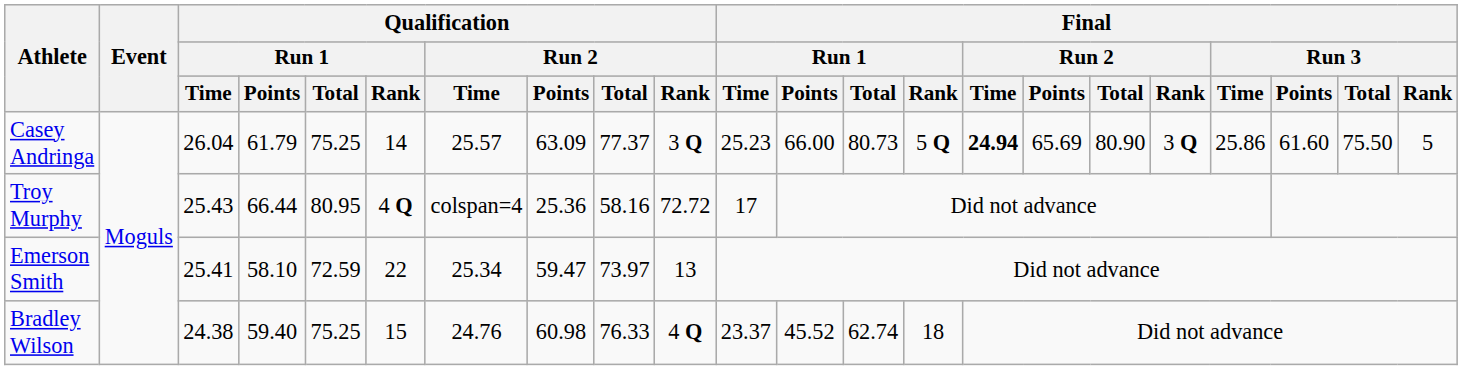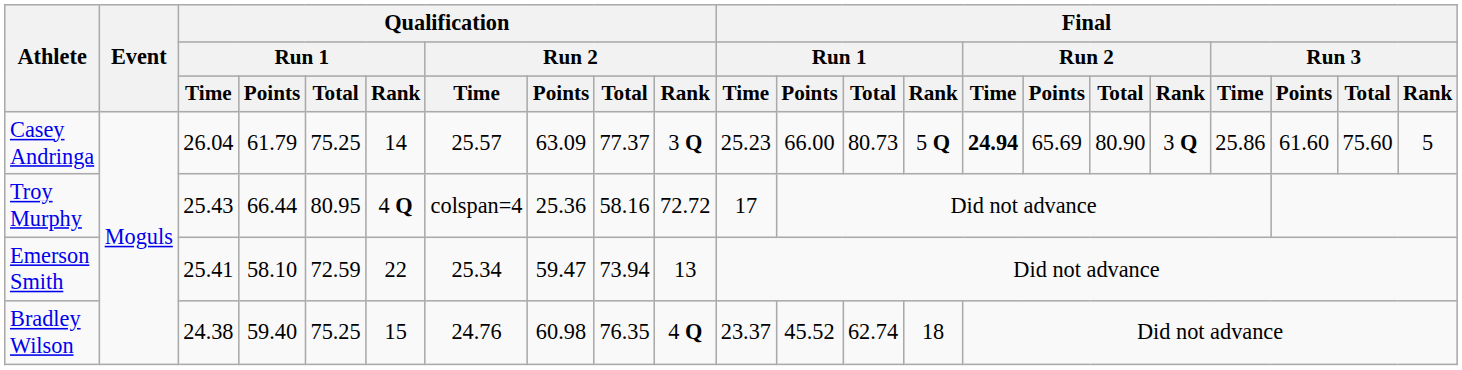 <table class=wikitable style=font-size:90%;text-align:center>
 <tr>
 <th rowspan=3>Athlete</th>
 <th rowspan=3>Event</th>
 <th colspan=8>Qualification</th>
 <th colspan=12>Final</th>
 </tr>
 <tr style=font-size:95%>
 <th colspan=4>Run 1</th>
 <th colspan=4>Run 2</th>
 <th colspan=4>Run 1</th>
 <th colspan=4>Run 2</th>
 <th colspan=4>Run 3</th>
 </tr>
 <tr style=font-size:95%>
 <th>Time</th>
 <th>Points</th>
 <th>Total</th>
 <th>Rank</th>
 <th>Time</th>
 <th>Points</th>
 <th>Total</th>
 <th>Rank</th>
 <th>Time</th>
 <th>Points</th>
 <th>Total</th>
 <th>Rank</th>
 <th>Time</th>
 <th>Points</th>
 <th>Total</th>
 <th>Rank</th>
 <th>Time</th>
 <th>Points</th>
 <th>Total</th>
 <th>Rank</th>
 </tr>
 <tr>
 <td align=left><a href='#'>Casey Andringa</a></td>
 <td style="text-align:left;" rowspan="4"><a href='#'>Moguls</a></td>
 <td>26.04</td>
 <td>61.79</td>
 <td>75.25</td>
 <td>14</td>
 <td>25.57</td>
 <td>63.09</td>
 <td>77.37</td>
 <td>3 <strong>Q</strong></td>
 <td>25.23</td>
 <td>66.00</td>
 <td>80.73</td>
 <td>5 <strong>Q</strong></td>
 <td><strong>24.94</strong></td>
 <td>65.69</td>
 <td>80.90</td>
 <td>3 <strong>Q</strong></td>
 <td>25.86</td>
 <td>61.60</td>
-<td>75.50</td>
+<td>75.60</td>
 <td>5</td>
 </tr>
 <tr>
 <td align=left><a href='#'>Troy Murphy</a></td>
 <td>25.43</td>
 <td>66.44</td>
 <td>80.95</td>
 <td>4 <strong>Q</strong></td>
 <td>colspan=4 </td>
 <td>25.36</td>
 <td>58.16</td>
 <td>72.72</td>
 <td>17</td>
 <td colspan=8>Did not advance</td>
 </tr>
 <tr>
 <td align=left><a href='#'>Emerson Smith</a></td>
 <td>25.41</td>
 <td>58.10</td>
 <td>72.59</td>
 <td>22</td>
 <td>25.34</td>
 <td>59.47</td>
-<td>73.97</td>
+<td>73.94</td>
 <td>13</td>
 <td colspan=12>Did not advance</td>
 </tr>
 <tr>
 <td align=left><a href='#'>Bradley Wilson</a></td>
 <td>24.38</td>
 <td>59.40</td>
 <td>75.25</td>
 <td>15</td>
 <td>24.76</td>
 <td>60.98</td>
-<td>76.33</td>
+<td>76.35</td>
 <td>4 <strong>Q</strong></td>
 <td>23.37</td>
 <td>45.52</td>
 <td>62.74</td>
 <td>18</td>
 <td colspan=8>Did not advance</td>
 </tr>
 </table>
